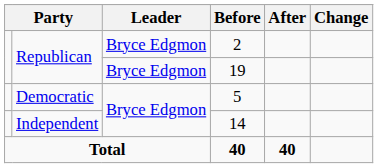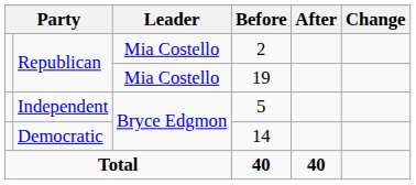 <table class="wikitable" style="text-align:center;">
 <tr>
 </tr>
 <tr>
 <th colspan="2">Party</th>
 <th>Leader</th>
 <th>Before</th>
 <th>After</th>
 <th>Change</th>
 </tr>
 <tr>
 <td rowspan="2" style="background-color:"></td>
 <td rowspan="2" style="text-align:left;"><a href='#'>Republican</a></td>
-<td><a href='#'>Bryce Edgmon</a></td>
+<td><a href='#'>Mia Costello</a></td>
 <td>2</td>
 <td></td>
 <td></td>
 </tr>
 <tr>
-<td><a href='#'>Bryce Edgmon</a></td>
+<td><a href='#'>Mia Costello</a></td>
 <td>19</td>
 <td></td>
 <td></td>
 </tr>
 <tr>
 <td style="background-color:"></td>
-<td style="text-align:left;"><a href='#'>Democratic</a></td>
+<td style="text-align:left;"><a href='#'>Independent</a></td>
 <td rowspan="2"><a href='#'>Bryce Edgmon</a></td>
 <td>5</td>
 <td></td>
 <td></td>
 </tr>
 <tr>
 <td style="background-color:"></td>
-<td style="text-align:left;"><a href='#'>Independent</a></td>
+<td style="text-align:left;"><a href='#'>Democratic</a></td>
 <td>14</td>
 <td></td>
 <td></td>
 </tr>
 <tr>
 <td colspan="3"><strong>Total</strong></td>
 <td><strong>40</strong></td>
 <td><strong>40</strong></td>
 <td></td>
 </tr>
 </table>
